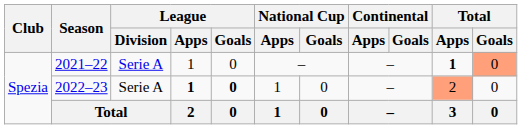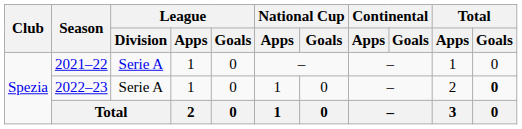 <table class="wikitable" style="text-align:center">
 <tr>
 <th rowspan=2>Club</th>
 <th rowspan=2>Season</th>
 <th colspan=3>League</th>
 <th colspan=2>National Cup</th>
 <th colspan=2>Continental</th>
 <th colspan=2>Total</th>
 </tr>
 <tr>
 <th>Division</th>
 <th>Apps</th>
 <th>Goals</th>
 <th>Apps</th>
 <th>Goals</th>
 <th>Apps</th>
 <th>Goals</th>
 <th>Apps</th>
 <th>Goals</th>
 </tr>
 <tr>
 <td rowspan=3><a href='#'>Spezia</a></td>
 <td><a href='#'>2021–22</a></td>
 <td><a href='#'>Serie A</a></td>
 <td>1</td>
 <td>0</td>
 <td colspan=2>–</td>
 <td colspan=2>–</td>
-<td><strong>1</strong></td>
-<td style="background: lightsalmon;">0</td>
+<td>1</td>
+<td>0</td>
 </tr>
 <tr>
 <td><a href='#'>2022–23</a></td>
 <td>Serie A</td>
-<td><strong>1</strong></td>
-<td><strong>0</strong></td>
+<td>1</td>
+<td>0</td>
 <td>1</td>
 <td>0</td>
 <td colspan=2>–</td>
-<td style="background: lightsalmon;">2</td>
-<td>0</td>
+<td>2</td>
+<td><strong>0</strong></td>
 </tr>
 <tr>
 <th colspan=2>Total</th>
 <th>2</th>
 <th>0</th>
 <th>1</th>
 <th>0</th>
 <th colspan=2>–</th>
 <th>3</th>
 <th>0</th>
 </tr>
 </table>
